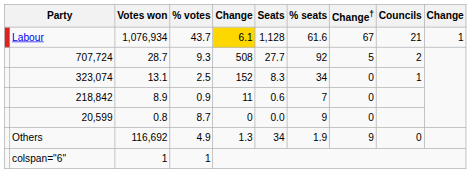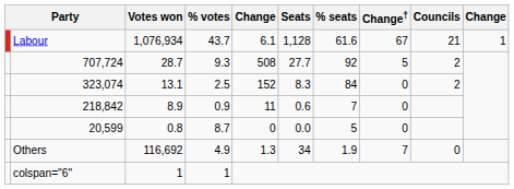 <table class="wikitable" style="font-size:95%;line-height:23px">
 <tr>
 <th colspan="2">Party</th>
 <th>Votes won</th>
 <th>% votes</th>
 <th>Change</th>
 <th>Seats</th>
 <th>% seats</th>
 <th>Change<sup>†</sup></th>
 <th>Councils</th>
 <th>Change</th>
 </tr>
 <tr>
 <td width="1" bgcolor="DC241f"></td>
 <th colspan="1" style="text-align:left; font-weight:normal; background:#F9F9F9" width="150"><a href='#'>Labour</a></th>
 <td align="right">1,076,934</td>
 <td align="right">43.7</td>
-<td align="right" style="background: gold;">6.1</td>
+<td align="right">6.1</td>
 <td align="right">1,128</td>
 <td align="right">61.6</td>
 <td align="right">67</td>
 <td align="right">21</td>
 <td align="right">1</td>
 </tr>
 <tr>
 <td></td>
 <td align="right">707,724</td>
 <td align="right">28.7</td>
 <td align="right">9.3</td>
 <td align="right">508</td>
 <td align="right">27.7</td>
 <td align="right">92</td>
 <td align="right">5</td>
 <td align="right">2</td>
 </tr>
 <tr>
 <td></td>
 <td align="right">323,074</td>
 <td align="right">13.1</td>
 <td align="right">2.5</td>
 <td align="right">152</td>
 <td align="right">8.3</td>
-<td align="right">34</td>
+<td align="right">84</td>
 <td align="right">0</td>
-<td align="right">1</td>
+<td align="right">2</td>
 </tr>
 <tr>
 <td></td>
 <td align="right">218,842</td>
 <td align="right">8.9</td>
 <td align="right">0.9</td>
 <td align="right">11</td>
 <td align="right">0.6</td>
 <td align="right">7</td>
 <td align="right">0</td>
 <td align="right"></td>
 </tr>
 <tr>
 <td></td>
 <td align="right">20,599</td>
 <td align="right">0.8</td>
 <td align="right">8.7</td>
 <td align="right">0</td>
 <td align="right">0.0</td>
-<td align="right">9</td>
+<td align="right">5</td>
 <td align="right">0</td>
 <td align="right"></td>
 </tr>
 <tr>
 <td></td>
 <td style="text-align:left;">Others</td>
 <td align="right">116,692</td>
 <td align="right">4.9</td>
 <td align="right">1.3</td>
 <td align="right">34</td>
 <td align="right">1.9</td>
-<td align="right">9</td>
+<td align="right">7</td>
 <td align="right">0</td>
 <td align="right"></td>
 </tr>
 <tr>
 <td></td>
 <td>colspan="6"   </td>
 <td align="right">1</td>
 <td align="right">1</td>
 </tr>
 </table>
